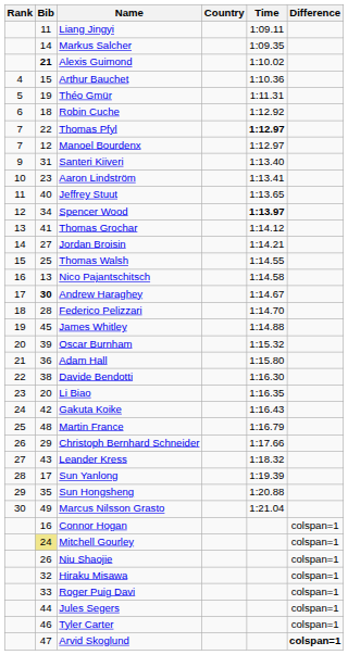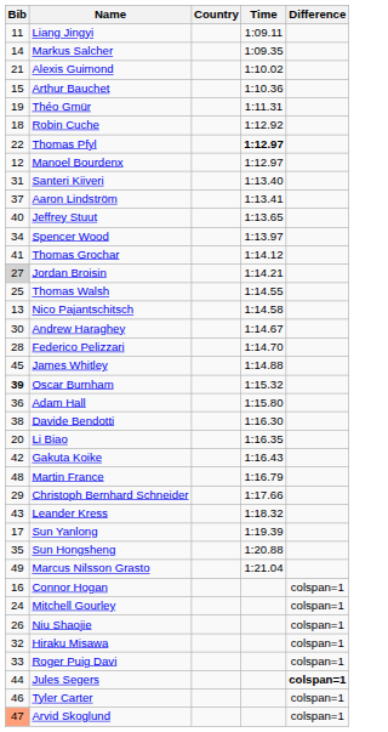 <table class="wikitable sortable" style="text-align:center">
 <tr>
-<th>Rank</th>
 <th>Bib</th>
 <th>Name</th>
 <th>Country</th>
 <th>Time</th>
 <th>Difference</th>
 </tr>
 <tr>
-<td></td>
 <td>11</td>
 <td align="left"><a href='#'>Liang Jingyi</a></td>
 <td align="left"></td>
 <td>1:09.11</td>
 <td></td>
 </tr>
 <tr>
-<td></td>
 <td>14</td>
 <td align="left"><a href='#'>Markus Salcher</a></td>
 <td align="left"></td>
 <td>1:09.35</td>
 <td></td>
 </tr>
 <tr>
-<td></td>
-<td><strong>21</strong></td>
+<td>21</td>
 <td align="left"><a href='#'>Alexis Guimond</a></td>
 <td align="left"></td>
 <td>1:10.02</td>
 <td></td>
 </tr>
 <tr>
-<td>4</td>
 <td>15</td>
 <td align="left"><a href='#'>Arthur Bauchet</a></td>
 <td align="left"></td>
 <td>1:10.36</td>
 <td></td>
 </tr>
 <tr>
-<td>5</td>
 <td>19</td>
 <td align="left"><a href='#'>Théo Gmür</a></td>
 <td align="left"></td>
 <td>1:11.31</td>
 <td></td>
 </tr>
 <tr>
-<td>6</td>
 <td>18</td>
 <td align="left"><a href='#'>Robin Cuche</a></td>
 <td align="left"></td>
 <td>1:12.92</td>
 <td></td>
 </tr>
 <tr>
-<td>7</td>
 <td>22</td>
 <td align="left"><a href='#'>Thomas Pfyl</a></td>
 <td align="left"></td>
 <td><strong>1:12.97</strong></td>
 <td></td>
 </tr>
 <tr>
-<td>7</td>
 <td>12</td>
 <td align="left"><a href='#'>Manoel Bourdenx</a></td>
 <td align="left"></td>
 <td>1:12.97</td>
 <td></td>
 </tr>
 <tr>
-<td>9</td>
 <td>31</td>
 <td align="left"><a href='#'>Santeri Kiiveri</a></td>
 <td align="left"></td>
 <td>1:13.40</td>
 <td></td>
 </tr>
 <tr>
-<td>10</td>
-<td>23</td>
+<td>37</td>
 <td align="left"><a href='#'>Aaron Lindström</a></td>
 <td align="left"></td>
 <td>1:13.41</td>
 <td></td>
 </tr>
 <tr>
-<td>11</td>
 <td>40</td>
 <td align="left"><a href='#'>Jeffrey Stuut</a></td>
 <td align="left"></td>
 <td>1:13.65</td>
 <td></td>
 </tr>
 <tr>
-<td>12</td>
 <td>34</td>
 <td align="left"><a href='#'>Spencer Wood</a></td>
 <td align="left"></td>
-<td><strong>1:13.97</strong></td>
+<td>1:13.97</td>
 <td></td>
 </tr>
 <tr>
-<td>13</td>
 <td>41</td>
 <td align="left"><a href='#'>Thomas Grochar</a></td>
 <td align="left"></td>
 <td>1:14.12</td>
 <td></td>
 </tr>
 <tr>
-<td>14</td>
-<td>27</td>
+<td style="background: lightgrey;">27</td>
 <td align="left"><a href='#'>Jordan Broisin</a></td>
 <td align="left"></td>
 <td>1:14.21</td>
 <td></td>
 </tr>
 <tr>
-<td>15</td>
 <td>25</td>
 <td align="left"><a href='#'>Thomas Walsh</a></td>
 <td align="left"></td>
 <td>1:14.55</td>
 <td></td>
 </tr>
 <tr>
-<td>16</td>
 <td>13</td>
 <td align="left"><a href='#'>Nico Pajantschitsch</a></td>
 <td align="left"></td>
 <td>1:14.58</td>
 <td></td>
 </tr>
 <tr>
-<td>17</td>
-<td><strong>30</strong></td>
+<td>30</td>
 <td align="left"><a href='#'>Andrew Haraghey</a></td>
 <td align="left"></td>
 <td>1:14.67</td>
 <td></td>
 </tr>
 <tr>
-<td>18</td>
 <td>28</td>
 <td align="left"><a href='#'>Federico Pelizzari</a></td>
 <td align="left"></td>
 <td>1:14.70</td>
 <td></td>
 </tr>
 <tr>
-<td>19</td>
 <td>45</td>
 <td align="left"><a href='#'>James Whitley</a></td>
 <td align="left"></td>
 <td>1:14.88</td>
 <td></td>
 </tr>
 <tr>
-<td>20</td>
-<td>39</td>
+<td><strong>39</strong></td>
 <td align="left"><a href='#'>Oscar Burnham</a></td>
 <td align="left"></td>
 <td>1:15.32</td>
 <td></td>
 </tr>
 <tr>
-<td>21</td>
 <td>36</td>
 <td align="left"><a href='#'>Adam Hall</a></td>
 <td align="left"></td>
 <td>1:15.80</td>
 <td></td>
 </tr>
 <tr>
-<td>22</td>
 <td>38</td>
 <td align="left"><a href='#'>Davide Bendotti</a></td>
 <td align="left"></td>
 <td>1:16.30</td>
 <td></td>
 </tr>
 <tr>
-<td>23</td>
 <td>20</td>
 <td align="left"><a href='#'>Li Biao</a></td>
 <td align="left"></td>
 <td>1:16.35</td>
 <td></td>
 </tr>
 <tr>
-<td>24</td>
 <td>42</td>
 <td align="left"><a href='#'>Gakuta Koike</a></td>
 <td align="left"></td>
 <td>1:16.43</td>
 <td></td>
 </tr>
 <tr>
-<td>25</td>
 <td>48</td>
 <td align="left"><a href='#'>Martin France</a></td>
 <td align="left"></td>
 <td>1:16.79</td>
 <td></td>
 </tr>
 <tr>
-<td>26</td>
 <td>29</td>
 <td align="left"><a href='#'>Christoph Bernhard Schneider</a></td>
 <td align="left"></td>
 <td>1:17.66</td>
 <td></td>
 </tr>
 <tr>
-<td>27</td>
 <td>43</td>
 <td align="left"><a href='#'>Leander Kress</a></td>
 <td align="left"></td>
 <td>1:18.32</td>
 <td></td>
 </tr>
 <tr>
-<td>28</td>
 <td>17</td>
 <td align="left"><a href='#'>Sun Yanlong</a></td>
 <td align="left"></td>
 <td>1:19.39</td>
 <td></td>
 </tr>
 <tr>
-<td>29</td>
 <td>35</td>
 <td align="left"><a href='#'>Sun Hongsheng</a></td>
 <td align="left"></td>
 <td>1:20.88</td>
 <td></td>
 </tr>
 <tr>
-<td>30</td>
 <td>49</td>
 <td align="left"><a href='#'>Marcus Nilsson Grasto</a></td>
 <td align="left"></td>
 <td>1:21.04</td>
 <td></td>
 </tr>
 <tr>
-<td></td>
 <td>16</td>
 <td align="left"><a href='#'>Connor Hogan</a></td>
 <td align="left"></td>
 <td></td>
 <td>colspan=1 </td>
 </tr>
 <tr>
-<td></td>
-<td style="background: khaki;">24</td>
+<td>24</td>
 <td align="left"><a href='#'>Mitchell Gourley</a></td>
 <td align="left"></td>
 <td></td>
 <td>colspan=1 </td>
 </tr>
 <tr>
-<td></td>
 <td>26</td>
 <td align="left"><a href='#'>Niu Shaojie</a></td>
 <td align="left"></td>
 <td></td>
 <td>colspan=1 </td>
 </tr>
 <tr>
-<td></td>
 <td>32</td>
 <td align="left"><a href='#'>Hiraku Misawa</a></td>
 <td align="left"></td>
 <td></td>
 <td>colspan=1 </td>
 </tr>
 <tr>
-<td></td>
 <td>33</td>
 <td align="left"><a href='#'>Roger Puig Davi</a></td>
 <td align="left"></td>
 <td></td>
 <td>colspan=1 </td>
 </tr>
 <tr>
-<td></td>
 <td>44</td>
 <td align="left"><a href='#'>Jules Segers</a></td>
 <td align="left"></td>
 <td></td>
-<td>colspan=1 </td>
+<td><strong>colspan=1 </strong></td>
 </tr>
 <tr>
-<td></td>
 <td>46</td>
 <td align="left"><a href='#'>Tyler Carter</a></td>
 <td align="left"></td>
 <td></td>
 <td>colspan=1 </td>
 </tr>
 <tr>
-<td></td>
-<td>47</td>
+<td style="background: lightsalmon;">47</td>
 <td align="left"><a href='#'>Arvid Skoglund</a></td>
 <td align="left"></td>
 <td></td>
-<td><strong>colspan=1 </strong></td>
+<td>colspan=1 </td>
 </tr>
 </table>
